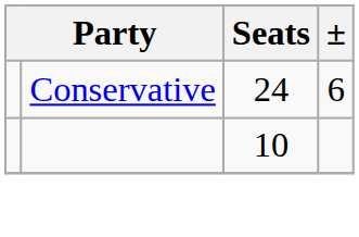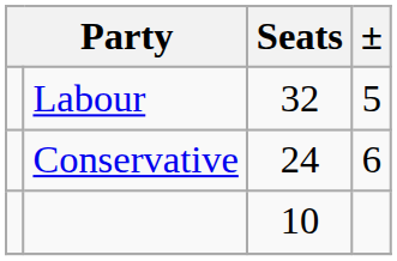 <table class="sortable wikitable">
 <tr>
 <th colspan="2">Party</th>
 <th>Seats</th>
 <th>±</th>
+</tr>
+<tr>
+<td style="background-color: "></td>
+<td><a href='#'>Labour</a></td>
+<td align="center">32</td>
+<td align="center">5</td>
 </tr>
 <tr>
 <td style="background-color: "></td>
 <td><a href='#'>Conservative</a></td>
 <td align="center">24</td>
 <td align="center">6</td>
 </tr>
 <tr>
 <td style="background-color: "></td>
 <td><a href='#'></a></td>
 <td align="center">10</td>
 <td align="center"></td>
 </tr>
 <tr>
 </tr>
 </table>
